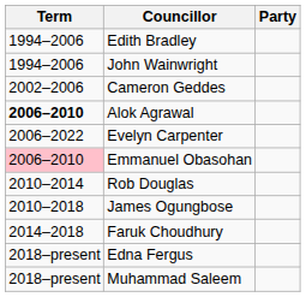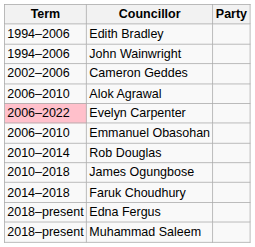 <table class="wikitable">
 <tr>
 <th>Term</th>
 <th>Councillor</th>
 <th colspan=2>Party</th>
 </tr>
 <tr>
 <td>1994–2006</td>
 <td>Edith Bradley</td>
 <td></td>
 </tr>
 <tr>
 <td>1994–2006</td>
 <td>John Wainwright</td>
 <td></td>
 </tr>
 <tr>
 <td>2002–2006</td>
 <td>Cameron Geddes</td>
 <td></td>
 </tr>
 <tr>
-<td><strong>2006–2010</strong></td>
+<td>2006–2010</td>
 <td>Alok Agrawal</td>
 <td></td>
 </tr>
 <tr>
-<td>2006–2022</td>
+<td style="background: pink;">2006–2022</td>
 <td>Evelyn Carpenter</td>
 <td></td>
 </tr>
 <tr>
-<td style="background: pink;">2006–2010</td>
+<td>2006–2010</td>
 <td>Emmanuel Obasohan</td>
 <td></td>
 </tr>
 <tr>
 <td>2010–2014</td>
 <td>Rob Douglas</td>
 <td></td>
 </tr>
 <tr>
 <td>2010–2018</td>
 <td>James Ogungbose</td>
 <td></td>
 </tr>
 <tr>
 <td>2014–2018</td>
 <td>Faruk Choudhury</td>
 <td></td>
 </tr>
 <tr>
 <td>2018–present</td>
 <td>Edna Fergus</td>
 <td></td>
 </tr>
 <tr>
 <td>2018–present</td>
 <td>Muhammad Saleem</td>
 <td></td>
 </tr>
 </table>
